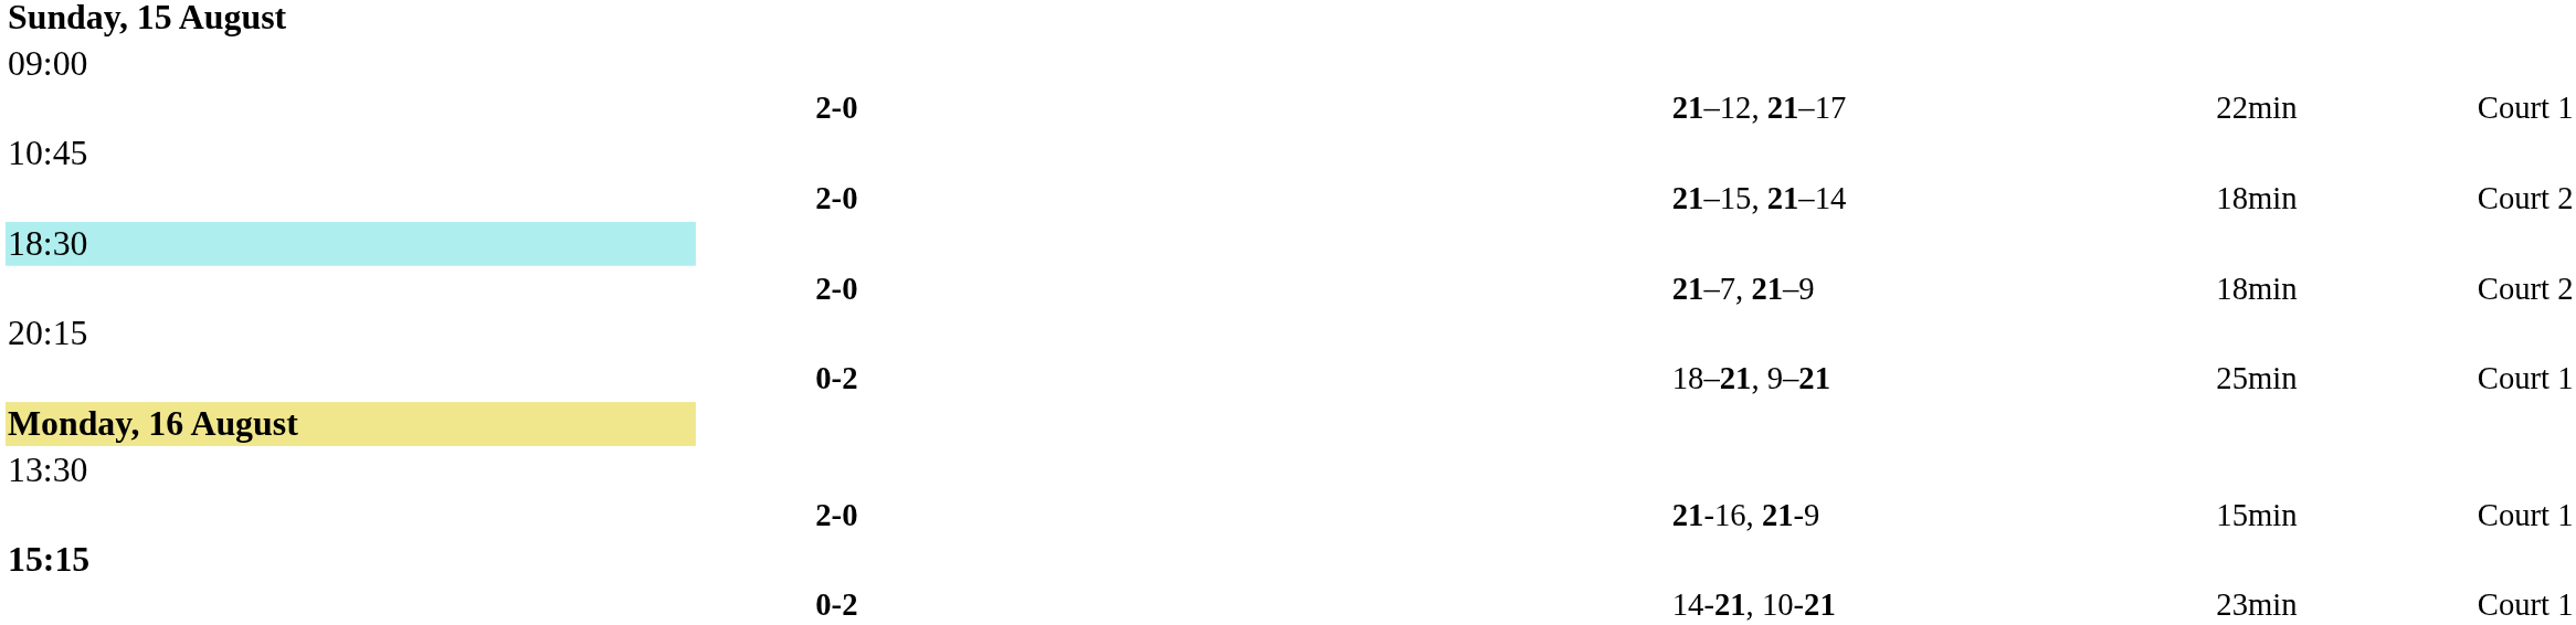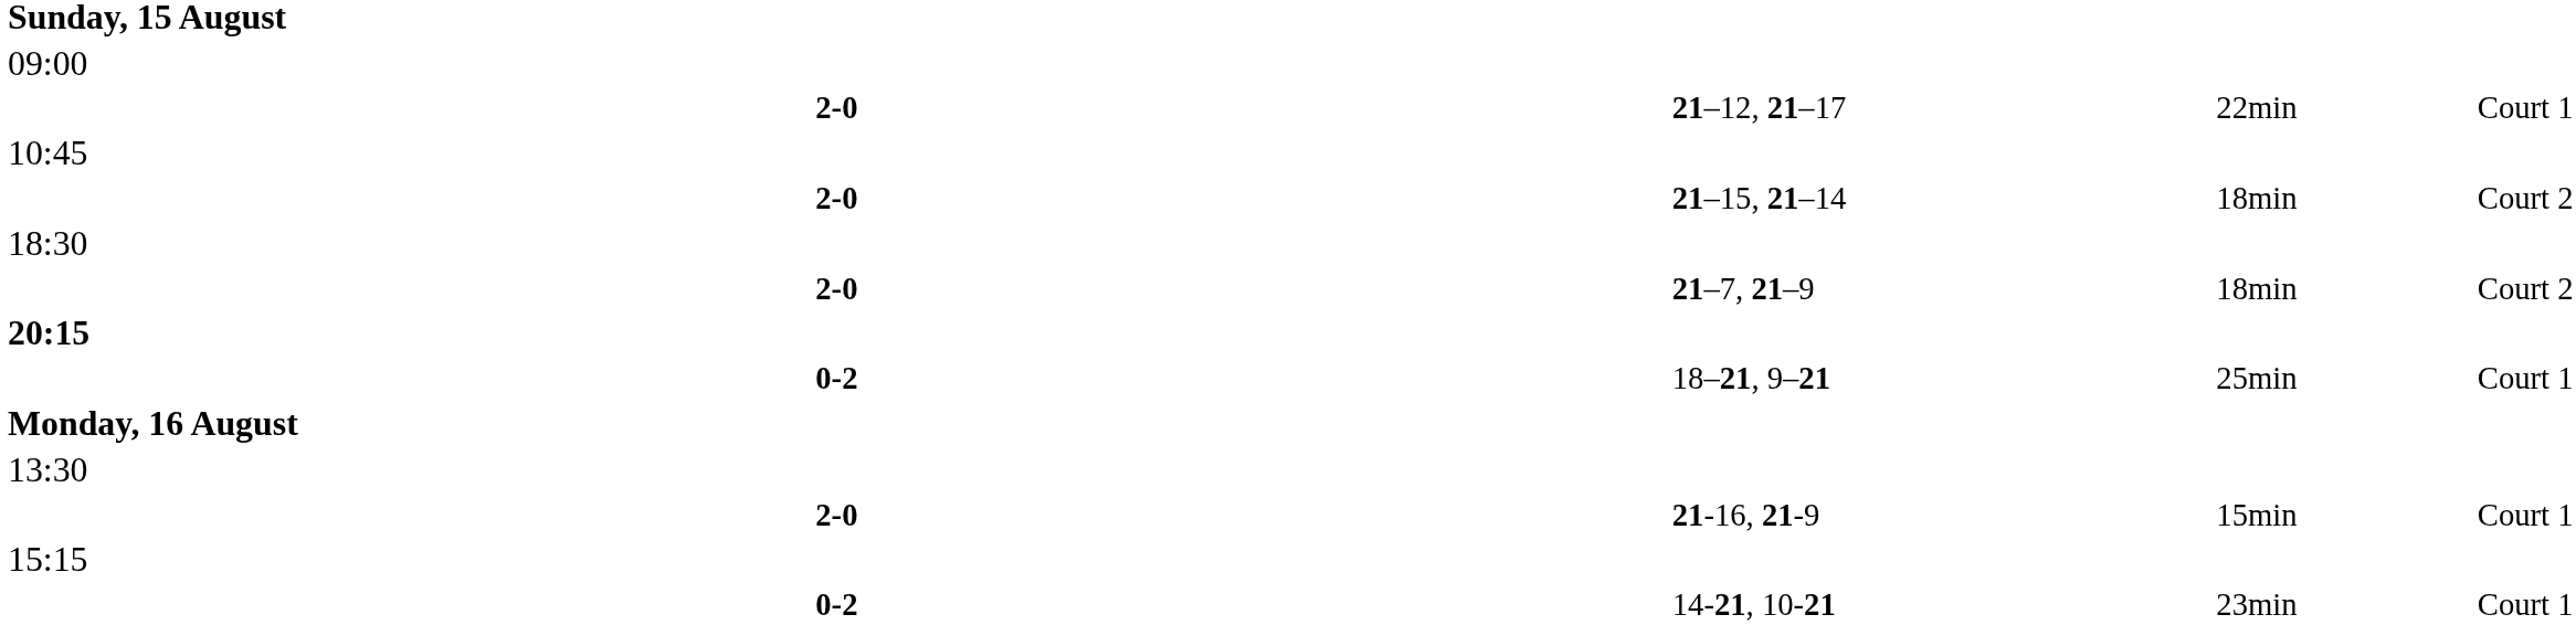 <table style="width:100%;" cellspacing="1">
 <tr>
 <th width=25%></th>
 <th width=10%></th>
 <th width=25%></th>
 </tr>
 <tr>
 <td><strong>Sunday, 15 August</strong></td>
 </tr>
 <tr>
 <td>09:00</td>
 </tr>
 <tr style=font-size:90%>
 <td align=right><strong></strong></td>
 <td align=center><strong> 2-0 </strong></td>
 <td></td>
 <td><strong>21</strong>–12, <strong>21</strong>–17</td>
 <td>22min</td>
 <td>Court 1</td>
 </tr>
 <tr>
 <td>10:45</td>
 </tr>
 <tr style=font-size:90%>
 <td align=right><strong></strong></td>
 <td align=center><strong> 2-0 </strong></td>
 <td></td>
 <td><strong>21</strong>–15, <strong>21</strong>–14</td>
 <td>18min</td>
 <td>Court 2</td>
 </tr>
 <tr>
-<td style="background: paleturquoise;">18:30</td>
+<td>18:30</td>
 </tr>
 <tr style=font-size:90%>
 <td align=right><strong></strong></td>
 <td align=center><strong> 2-0 </strong></td>
 <td></td>
 <td><strong>21</strong>–7, <strong>21</strong>–9</td>
 <td>18min</td>
 <td>Court 2</td>
 </tr>
 <tr>
-<td>20:15</td>
+<td><strong>20:15</strong></td>
 </tr>
 <tr style=font-size:90%>
 <td align=right></td>
 <td align=center><strong> 0-2 </strong></td>
 <td><strong></strong></td>
 <td>18–<strong>21</strong>, 9–<strong>21</strong></td>
 <td>25min</td>
 <td>Court 1</td>
 </tr>
 <tr>
-<td style="background: khaki;"><strong>Monday, 16 August</strong></td>
+<td><strong>Monday, 16 August</strong></td>
 </tr>
 <tr>
 <td>13:30</td>
 </tr>
 <tr style=font-size:90%>
 <td align=right><strong></strong></td>
 <td align=center><strong> 2-0 </strong></td>
 <td></td>
 <td><strong>21</strong>-16, <strong>21</strong>-9</td>
 <td>15min</td>
 <td>Court 1</td>
 </tr>
 <tr>
-<td><strong>15:15</strong></td>
+<td>15:15</td>
 </tr>
 <tr style=font-size:90%>
 <td align=right></td>
 <td align=center><strong> 0-2 </strong></td>
 <td><strong></strong></td>
 <td>14-<strong>21</strong>, 10-<strong>21</strong></td>
 <td>23min</td>
 <td>Court 1</td>
 </tr>
 </table>
